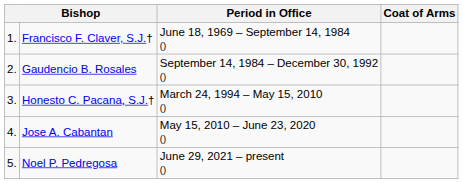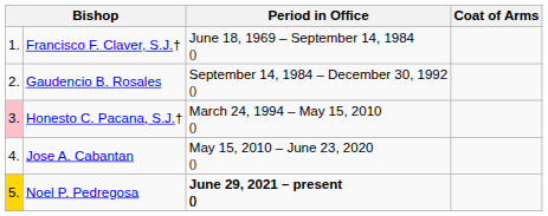 <table class="wikitable">
 <tr>
 <th colspan=2>Bishop</th>
 <th>Period in Office</th>
 <th>Coat of Arms</th>
 </tr>
 <tr>
 <td>1.</td>
 <td><a href='#'>Francisco F. Claver, S.J.</a>†</td>
 <td>June 18, 1969 – September 14, 1984<br><small>()</small></td>
 <td></td>
 </tr>
 <tr>
 <td>2.</td>
 <td><a href='#'>Gaudencio B. Rosales</a></td>
 <td>September 14, 1984 – December 30, 1992<br><small>()</small></td>
 <td></td>
 </tr>
 <tr>
-<td>3.</td>
+<td style="background: pink;">3.</td>
 <td><a href='#'>Honesto C. Pacana, S.J.</a>†</td>
 <td>March 24, 1994 – May 15, 2010<br><small>()</small></td>
 <td></td>
 </tr>
 <tr>
 <td>4.</td>
 <td><a href='#'>Jose A. Cabantan</a></td>
 <td>May 15, 2010 – June 23, 2020<br><small>()</small></td>
 <td></td>
 </tr>
 <tr>
-<td>5.</td>
+<td style="background: gold;">5.</td>
 <td><a href='#'>Noel P. Pedregosa</a></td>
-<td>June 29, 2021 – present<br><small>()</small></td>
+<td><strong>June 29, 2021 – present<br><small>()</small></strong></td>
 <td></td>
 </tr>
 </table>
